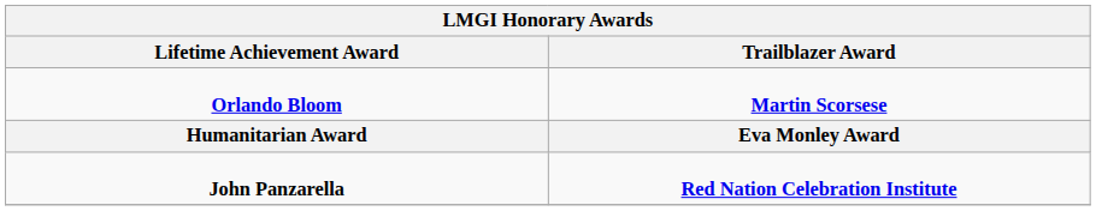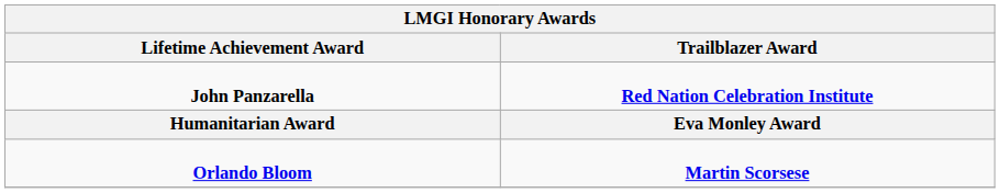 <table class=wikitable width="100%">
 <tr>
 <th colspan="2">LMGI Honorary Awards</th>
 </tr>
 <tr>
 <th width="50%">Lifetime Achievement Award</th>
 <th width="50%">Trailblazer Award</th>
 </tr>
 <tr>
-<td valign="top" style="text-align:center;”"><br><strong><a href='#'>Orlando Bloom</a></strong></td>
-<td valign="top" style="text-align:center;”"><br><strong><a href='#'>Martin Scorsese</a></strong></td>
+<td valign="top" style="text-align:center;"><br><strong>John Panzarella</strong></td>
+<td valign="top" style="text-align:center;"><br><strong><a href='#'>Red Nation Celebration Institute</a></strong></td>
 </tr>
 <tr>
 <th>Humanitarian Award</th>
 <th>Eva Monley Award</th>
 </tr>
 <tr>
-<td valign="top" style="text-align:center;"><br><strong>John Panzarella</strong></td>
-<td valign="top" style="text-align:center;"><br><strong><a href='#'>Red Nation Celebration Institute</a></strong></td>
+<td valign="top" style="text-align:center;”"><br><strong><a href='#'>Orlando Bloom</a></strong></td>
+<td valign="top" style="text-align:center;”"><br><strong><a href='#'>Martin Scorsese</a></strong></td>
 </tr>
 <tr>
 </tr>
 </table>
